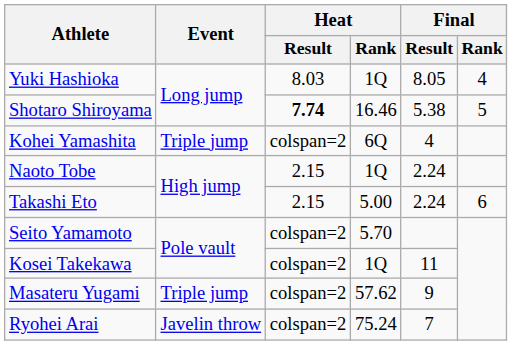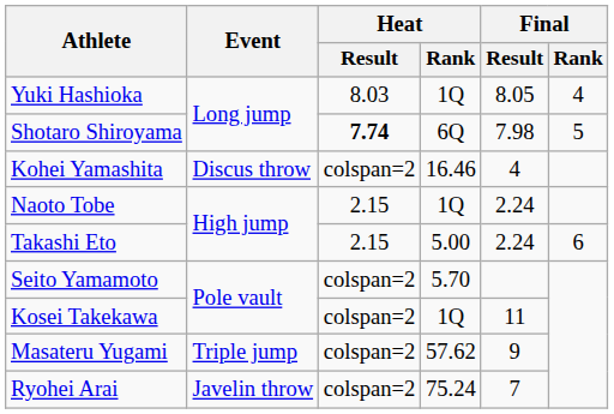 <table class="wikitable" style="font-size:90%">
 <tr>
 <th rowspan="2">Athlete</th>
 <th rowspan="2">Event</th>
 <th colspan="2">Heat</th>
 <th colspan="2">Final</th>
 </tr>
 <tr style="font-size:95%">
 <th>Result</th>
 <th>Rank</th>
 <th>Result</th>
 <th>Rank</th>
 </tr>
 <tr style="text-align:center">
 <td style="text-align:left"><a href='#'>Yuki Hashioka</a></td>
 <td style="text-align:left" rowspan=2><a href='#'>Long jump</a></td>
 <td>8.03</td>
 <td>1Q</td>
 <td>8.05</td>
 <td>4</td>
 </tr>
 <tr style="text-align:center">
 <td style="text-align:left"><a href='#'>Shotaro Shiroyama</a></td>
 <td><strong>7.74</strong></td>
-<td>16.46</td>
-<td>5.38</td>
+<td>6Q</td>
+<td>7.98</td>
 <td>5</td>
 </tr>
 <tr style="text-align:center">
 <td style="text-align:left"><a href='#'>Kohei Yamashita</a></td>
-<td style="text-align:left"><a href='#'>Triple jump</a></td>
+<td style="text-align:left"><a href='#'>Discus throw</a></td>
 <td>colspan=2 </td>
-<td>6Q</td>
+<td>16.46</td>
 <td>4</td>
 </tr>
 <tr style="text-align:center">
 <td style="text-align:left"><a href='#'>Naoto Tobe</a></td>
 <td style="text-align:left" rowspan=2><a href='#'>High jump</a></td>
 <td>2.15</td>
 <td>1Q</td>
 <td>2.24</td>
 <td></td>
 </tr>
 <tr style="text-align:center">
 <td style="text-align:left"><a href='#'>Takashi Eto</a></td>
 <td>2.15</td>
 <td>5.00</td>
 <td>2.24</td>
 <td>6</td>
 </tr>
 <tr style="text-align:center">
 <td style="text-align:left"><a href='#'>Seito Yamamoto</a></td>
 <td style="text-align:left" rowspan=2><a href='#'>Pole vault</a></td>
 <td>colspan=2 </td>
 <td>5.70</td>
 <td></td>
 </tr>
 <tr style="text-align:center">
 <td style="text-align:left"><a href='#'>Kosei Takekawa</a></td>
 <td>colspan=2 </td>
 <td>1Q</td>
 <td>11</td>
 </tr>
 <tr style="text-align:center">
 <td style="text-align:left"><a href='#'>Masateru Yugami</a></td>
 <td style="text-align:left"><a href='#'>Triple jump</a></td>
 <td>colspan=2 </td>
 <td>57.62</td>
 <td>9</td>
 </tr>
 <tr style="text-align:center">
 <td style="text-align:left"><a href='#'>Ryohei Arai</a></td>
 <td style="text-align:left"><a href='#'>Javelin throw</a></td>
 <td>colspan=2 </td>
 <td>75.24</td>
 <td>7</td>
 </tr>
 </table>
